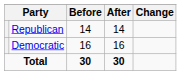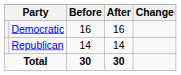 <table class="wikitable" style="text-align:center;">
 <tr>
 </tr>
 <tr>
 <th colspan=2>Party</th>
 <th>Before</th>
 <th>After</th>
 <th>Change</th>
 </tr>
 <tr>
 <th style="background-color:"></th>
-<td style="text-align:left;"><a href='#'>Republican</a></td>
-<td>14</td>
-<td>14</td>
+<td style="text-align:left;"><a href='#'>Democratic</a></td>
+<td>16</td>
+<td>16</td>
 <td></td>
 </tr>
 <tr>
 <th style="background-color:"></th>
-<td style="text-align:left;"><a href='#'>Democratic</a></td>
-<td>16</td>
-<td>16</td>
+<td style="text-align:left;"><a href='#'>Republican</a></td>
+<td>14</td>
+<td>14</td>
 <td></td>
 </tr>
 <tr>
 <td colspan=2><strong>Total</strong></td>
 <td><strong>30</strong></td>
 <td><strong>30</strong></td>
 <td></td>
 </tr>
 </table>
